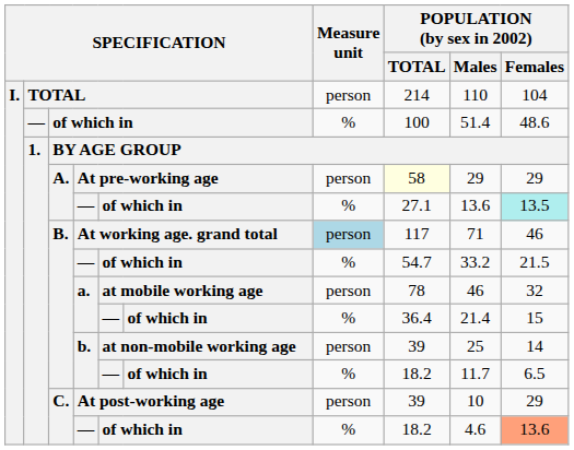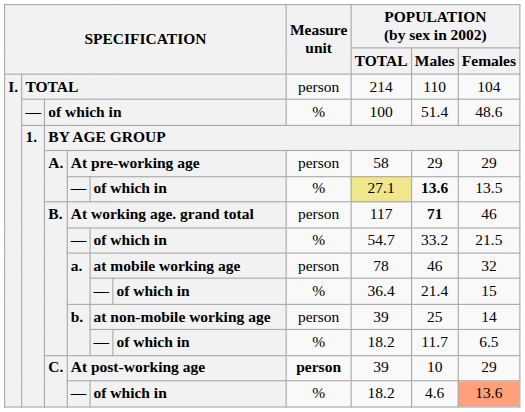 <table class="wikitable" style="font-size:85%; text-align:center">
 <tr>
 <th rowspan="2" colspan="6">SPECIFICATION</th>
 <th rowspan="2">Measure<br> unit</th>
 <th colspan="3" rowspan="1">POPULATION<br> (by sex in 2002)</th>
 </tr>
 <tr>
 <th>TOTAL</th>
 <th>Males</th>
 <th>Females</th>
 </tr>
 <tr>
 <th style="text-align:left" valign="top" rowspan="13">I.</th>
 <th style="text-align:left" colspan="5">TOTAL</th>
 <td>person</td>
 <td>214</td>
 <td>110</td>
 <td>104</td>
 </tr>
 <tr>
 <th style="text-align:left" valign="top">—</th>
 <th style="text-align:left" colspan="4">of which in</th>
 <td>%</td>
 <td>100</td>
 <td>51.4</td>
 <td>48.6</td>
 </tr>
 <tr>
 <th style="text-align:left" valign="top" rowspan="11">1.</th>
 <th style="text-align:left" colspan="19">BY AGE GROUP</th>
 </tr>
 <tr>
 <th style="text-align:left" valign="top" rowspan="2">A.</th>
 <th style="text-align:left" colspan="3">At pre-working age</th>
 <td>person</td>
-<td style="background: lightyellow;">58</td>
+<td>58</td>
 <td>29</td>
 <td>29</td>
 </tr>
 <tr>
 <th style="text-align:left" valign="top">—</th>
 <th style="text-align:left" valign="top" colspan="2">of which in</th>
 <td>%</td>
-<td>27.1</td>
-<td>13.6</td>
-<td style="background: paleturquoise;">13.5</td>
+<td style="background: khaki;">27.1</td>
+<td><strong>13.6</strong></td>
+<td>13.5</td>
 </tr>
 <tr>
 <th style="text-align:left" valign="top" rowspan="6">B.</th>
 <th style="text-align:left" colspan="3">At working age. grand total</th>
-<td style="background: lightblue;">person</td>
+<td>person</td>
 <td>117</td>
-<td>71</td>
+<td><strong>71</strong></td>
 <td>46</td>
 </tr>
 <tr>
 <th style="text-align:left" valign="top">—</th>
 <th style="text-align:left" valign="top" colspan="2">of which in</th>
 <td>%</td>
 <td>54.7</td>
 <td>33.2</td>
 <td>21.5</td>
 </tr>
 <tr>
 <th style="text-align:left" valign="top" rowspan="2">a.</th>
 <th style="text-align:left" colspan="2">at mobile working age</th>
 <td>person</td>
 <td>78</td>
 <td>46</td>
 <td>32</td>
 </tr>
 <tr>
 <th style="text-align:left" valign="top">—</th>
 <th style="text-align:left" valign="top" colspan="1">of which in                        </th>
 <td>%</td>
 <td>36.4</td>
 <td>21.4</td>
 <td>15</td>
 </tr>
 <tr>
 <th style="text-align:left" valign="top" rowspan="2">b.</th>
 <th style="text-align:left" colspan="2">at non-mobile working age</th>
 <td>person</td>
 <td>39</td>
 <td>25</td>
 <td>14</td>
 </tr>
 <tr>
 <th style="text-align:left" valign="top">—</th>
 <th style="text-align:left" valign="top" colspan="1">of which in                        </th>
 <td>%</td>
 <td>18.2</td>
 <td>11.7</td>
 <td>6.5</td>
 </tr>
 <tr>
 <th style="text-align:left" valign="top" rowspan="2">C.</th>
 <th style="text-align:left" colspan="3">At post-working age</th>
-<td>person</td>
+<td><strong>person</strong></td>
 <td>39</td>
 <td>10</td>
 <td>29</td>
 </tr>
 <tr>
 <th style="text-align:left" valign="top">—</th>
 <th style="text-align:left" valign="top" colspan="2">of which in</th>
 <td>%</td>
 <td>18.2</td>
 <td>4.6</td>
 <td style="background: lightsalmon;">13.6</td>
 </tr>
 </table>
